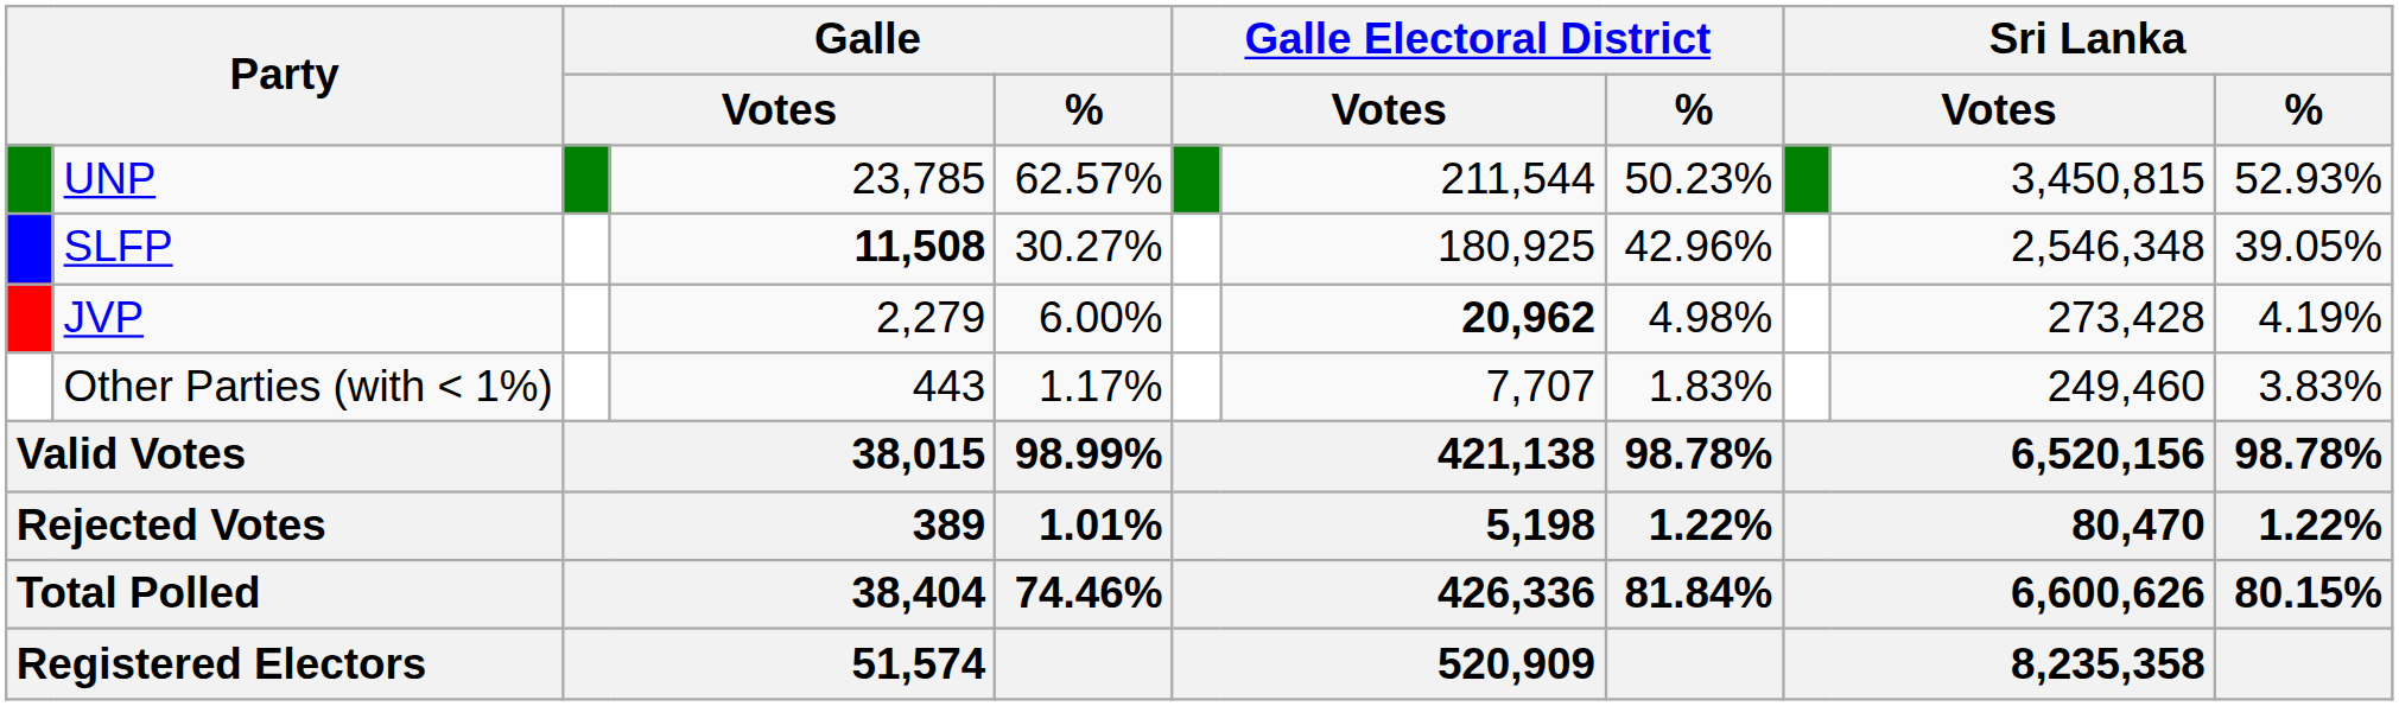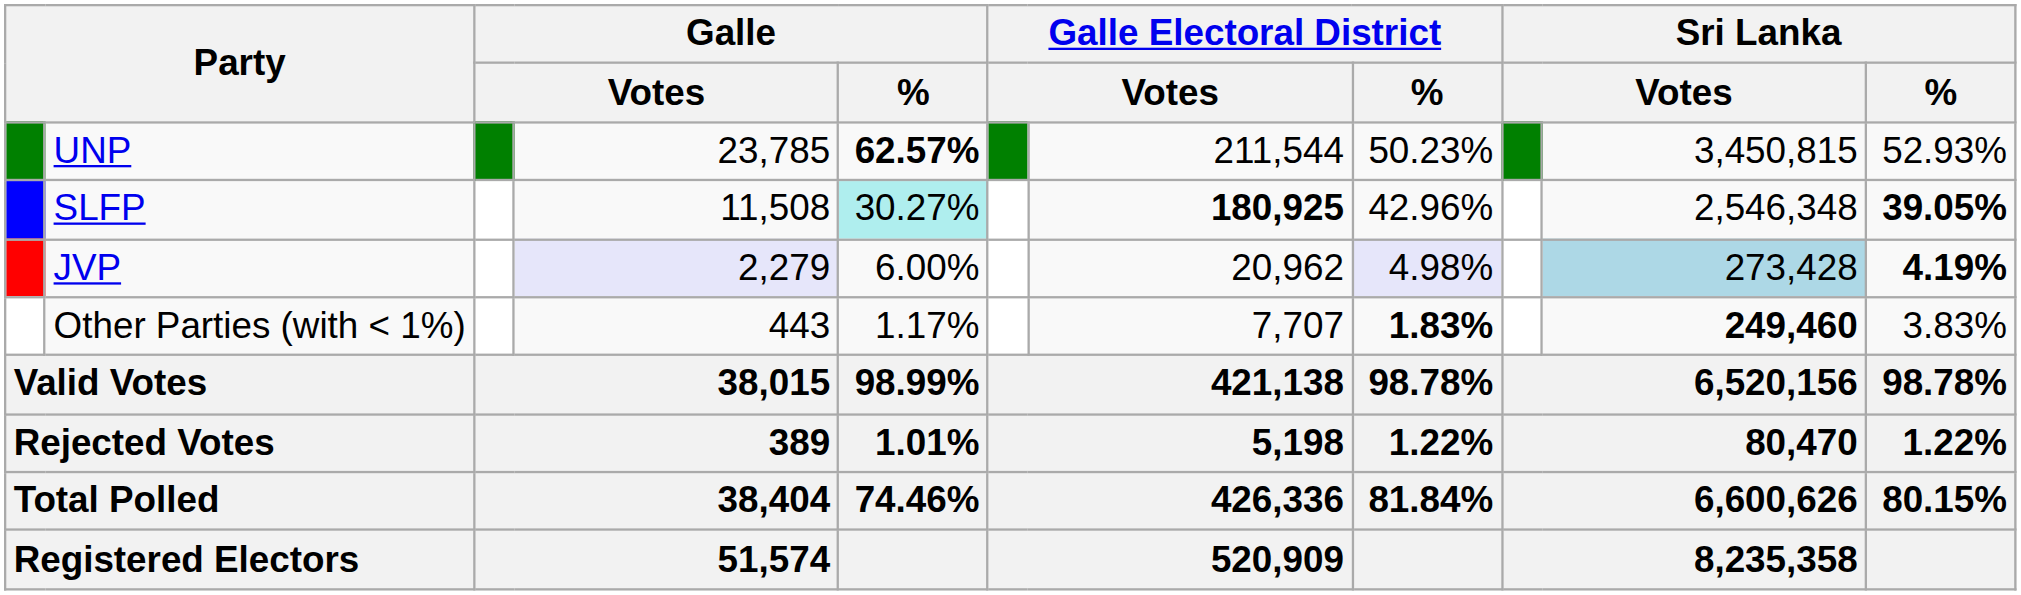 <table class="wikitable">
 <tr>
 <th colspan="2" width="144px"rowspan="2">Party</th>
 <th colspan="3" width="216px">Galle</th>
 <th colspan="3" width="216px"><a href='#'>Galle Electoral District</a></th>
 <th colspan="3" width="216px">Sri Lanka</th>
 </tr>
 <tr>
 <th colspan="2" width="144px">Votes</th>
 <th>%</th>
 <th colspan="2" width="144px">Votes</th>
 <th>%</th>
 <th colspan="2" width="144px">Votes</th>
 <th>%</th>
 </tr>
 <tr>
 <td style="background-color:green;" width="10px"></td>
 <td style="text-align:left;"><a href='#'>UNP</a></td>
 <td style="background-color:green;" width="10px"></td>
 <td style="text-align:right;">23,785</td>
-<td style="text-align:right;">62.57%</td>
+<td style="text-align:right;"><strong>62.57%</strong></td>
 <td style="background-color:green;" width="10px"></td>
 <td style="text-align:right;">211,544</td>
 <td style="text-align:right;">50.23%</td>
 <td style="background-color:green;" width="10px"></td>
 <td style="text-align:right;">3,450,815</td>
 <td style="text-align:right;">52.93%</td>
 </tr>
 <tr>
 <td style="background-color:blue;" width="10px"></td>
 <td style="text-align:left;"><a href='#'>SLFP</a></td>
 <td style="background-color:white;" width="10px"></td>
-<td style="text-align:right;"><strong>11,508</strong></td>
-<td style="text-align:right;">30.27%</td>
+<td style="text-align:right;">11,508</td>
+<td style="background: paleturquoise; text-align:right;">30.27%</td>
 <td style="background-color:white;" width="10px"></td>
-<td style="text-align:right;">180,925</td>
+<td style="text-align:right;"><strong>180,925</strong></td>
 <td style="text-align:right;">42.96%</td>
 <td style="background-color:white;" width="10px"></td>
 <td style="text-align:right;">2,546,348</td>
-<td style="text-align:right;">39.05%</td>
+<td style="text-align:right;"><strong>39.05%</strong></td>
 </tr>
 <tr>
 <td style="background-color:red;" width="10px"></td>
 <td style="text-align:left;"><a href='#'>JVP</a></td>
 <td style="background-color:white;" width="10px"></td>
-<td style="text-align:right;">2,279</td>
+<td style="background: lavender; text-align:right;">2,279</td>
 <td style="text-align:right;">6.00%</td>
 <td style="background-color:white;" width="10px"></td>
-<td style="text-align:right;"><strong>20,962</strong></td>
-<td style="text-align:right;">4.98%</td>
+<td style="text-align:right;">20,962</td>
+<td style="background: lavender; text-align:right;">4.98%</td>
 <td style="background-color:white;" width="10px"></td>
-<td style="text-align:right;">273,428</td>
-<td style="text-align:right;">4.19%</td>
+<td style="background: lightblue; text-align:right;">273,428</td>
+<td style="text-align:right;"><strong>4.19%</strong></td>
 </tr>
 <tr>
 <td style="background-color:white;" width="10px"></td>
 <td style="text-align:left;">Other Parties (with < 1%)</td>
 <td style="background-color:white;" width="10px"></td>
 <td style="text-align:right;">443</td>
 <td style="text-align:right;">1.17%</td>
 <td style="background-color:white;" width="10px"></td>
 <td style="text-align:right;">7,707</td>
-<td style="text-align:right;">1.83%</td>
+<td style="text-align:right;"><strong>1.83%</strong></td>
 <td style="background-color:white;" width="10px"></td>
-<td style="text-align:right;">249,460</td>
+<td style="text-align:right;"><strong>249,460</strong></td>
 <td style="text-align:right;">3.83%</td>
 </tr>
 <tr>
 <th colspan="2" width="144px"style="text-align:left;">Valid Votes</th>
 <th style="text-align:right;"colspan="2" width="144px">38,015</th>
 <th style="text-align:right;">98.99%</th>
 <th style="text-align:right;"colspan="2" width="144px">421,138</th>
 <th style="text-align:right;">98.78%</th>
 <th style="text-align:right;"colspan="2" width="144px">6,520,156</th>
 <th style="text-align:right;">98.78%</th>
 </tr>
 <tr>
 <th colspan="2" width="144px"style="text-align:left;">Rejected Votes</th>
 <th style="text-align:right;"colspan="2" width="144px">389</th>
 <th style="text-align:right;">1.01%</th>
 <th style="text-align:right;"colspan="2" width="144px">5,198</th>
 <th style="text-align:right;">1.22%</th>
 <th style="text-align:right;"colspan="2" width="144px">80,470</th>
 <th style="text-align:right;">1.22%</th>
 </tr>
 <tr>
 <th colspan="2" width="144px"style="text-align:left;">Total Polled</th>
 <th style="text-align:right;"colspan="2" width="144px">38,404</th>
 <th style="text-align:right;">74.46%</th>
 <th style="text-align:right;"colspan="2" width="144px">426,336</th>
 <th style="text-align:right;">81.84%</th>
 <th style="text-align:right;"colspan="2" width="144px">6,600,626</th>
 <th style="text-align:right;">80.15%</th>
 </tr>
 <tr>
 <th colspan="2" width="144px"style="text-align:left;">Registered Electors</th>
 <th style="text-align:right;"colspan="2" width="144px">51,574</th>
 <th></th>
 <th style="text-align:right;"colspan="2" width="144px">520,909</th>
 <th></th>
 <th style="text-align:right;"colspan="2" width="144px">8,235,358</th>
 <th></th>
 </tr>
 </table>
